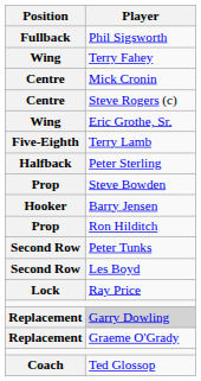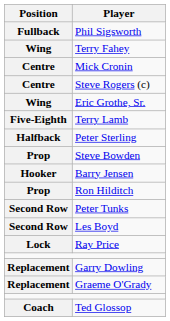 <table class="wikitable">
 <tr>
 <th width="90">Position</th>
 <th width="125">Player</th>
 </tr>
 <tr>
 <th>Fullback</th>
 <td colspan="1"> <a href='#'>Phil Sigsworth</a></td>
 </tr>
 <tr>
 <th>Wing</th>
 <td colspan="1"> <a href='#'>Terry Fahey</a></td>
 </tr>
 <tr>
 <th>Centre</th>
 <td colspan="1"> <a href='#'>Mick Cronin</a></td>
 </tr>
 <tr>
 <th>Centre</th>
 <td colspan="1"> <a href='#'>Steve Rogers</a> (c)</td>
 </tr>
 <tr>
 <th>Wing</th>
 <td colspan="1"> <a href='#'>Eric Grothe, Sr.</a></td>
 </tr>
 <tr>
 <th>Five-Eighth</th>
 <td colspan="1"> <a href='#'>Terry Lamb</a></td>
 </tr>
 <tr>
 <th>Halfback</th>
 <td colspan="1"> <a href='#'>Peter Sterling</a></td>
 </tr>
 <tr>
 <th>Prop</th>
 <td colspan="1"> <a href='#'>Steve Bowden</a></td>
 </tr>
 <tr>
 <th>Hooker</th>
 <td colspan="1"> <a href='#'>Barry Jensen</a></td>
 </tr>
 <tr>
 <th>Prop</th>
 <td colspan="1"> <a href='#'>Ron Hilditch</a></td>
 </tr>
 <tr>
 <th>Second Row</th>
 <td colspan="1"> <a href='#'>Peter Tunks</a></td>
 </tr>
 <tr>
 <th>Second Row</th>
 <td colspan="1"> <a href='#'>Les Boyd</a></td>
 </tr>
 <tr>
 <th>Lock</th>
 <td colspan="1"> <a href='#'>Ray Price</a></td>
 </tr>
 <tr>
 <td colspan="4"></td>
 </tr>
 <tr>
 <th>Replacement</th>
-<td colspan="1" style="background: lightgrey;"> <a href='#'>Garry Dowling</a></td>
+<td colspan="1"> <a href='#'>Garry Dowling</a></td>
 </tr>
 <tr>
 <th>Replacement</th>
 <td colspan="1"> <a href='#'>Graeme O'Grady</a></td>
 </tr>
 <tr>
 <td colspan="4"></td>
 </tr>
 <tr>
 <th>Coach</th>
 <td colspan="1"> <a href='#'>Ted Glossop</a></td>
 </tr>
 </table>
